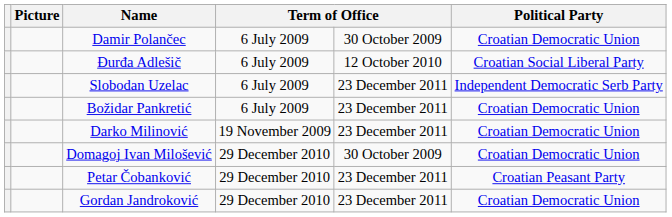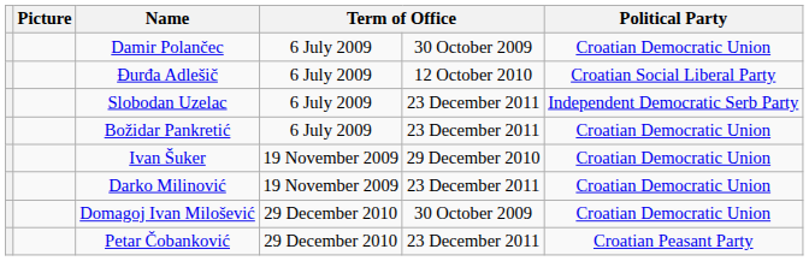 <table class="wikitable" style="text-align:center">
 <tr>
 <th></th>
 <th>Picture</th>
 <th>Name<br></th>
 <th colspan="2">Term of Office</th>
 <th>Political Party</th>
 </tr>
 <tr>
 <th style="background:"></th>
 <td></td>
 <td><a href='#'>Damir Polančec</a><br></td>
 <td>6 July 2009</td>
 <td>30 October 2009</td>
 <td><a href='#'>Croatian Democratic Union</a></td>
 </tr>
 <tr>
 <th style="background:"></th>
 <td></td>
 <td><a href='#'>Đurđa Adlešič</a><br></td>
 <td>6 July 2009</td>
 <td>12 October 2010</td>
 <td><a href='#'>Croatian Social Liberal Party</a></td>
 </tr>
 <tr>
 <th style="background:"></th>
 <td></td>
 <td><a href='#'>Slobodan Uzelac</a><br></td>
 <td>6 July 2009</td>
 <td>23 December 2011</td>
 <td><a href='#'>Independent Democratic Serb Party</a></td>
 </tr>
 <tr>
 <th style="background:"></th>
 <td></td>
 <td><a href='#'>Božidar Pankretić</a><br></td>
 <td>6 July 2009</td>
 <td>23 December 2011</td>
 <td><a href='#'>Croatian Democratic Union</a></td>
 </tr>
 <tr>
 <th style="background:"></th>
 <td></td>
+<td><a href='#'>Ivan Šuker</a><br></td>
+<td>19 November 2009</td>
+<td>29 December 2010</td>
+<td><a href='#'>Croatian Democratic Union</a></td>
+</tr>
+<tr>
+<th style="background:"></th>
+<td></td>
 <td><a href='#'>Darko Milinović</a><br></td>
 <td>19 November 2009</td>
 <td>23 December 2011</td>
 <td><a href='#'>Croatian Democratic Union</a></td>
 </tr>
 <tr>
 <th style="background:"></th>
 <td></td>
 <td><a href='#'>Domagoj Ivan Milošević</a><br></td>
 <td>29 December 2010</td>
 <td>30 October 2009</td>
 <td><a href='#'>Croatian Democratic Union</a></td>
 </tr>
 <tr>
 <th style="background:"></th>
 <td></td>
 <td><a href='#'>Petar Čobanković</a><br></td>
 <td>29 December 2010</td>
 <td>23 December 2011</td>
 <td><a href='#'>Croatian Peasant Party</a></td>
 </tr>
-<tr>
-<th style="background:"></th>
-<td></td>
-<td><a href='#'>Gordan Jandroković</a><br></td>
-<td>29 December 2010</td>
-<td>23 December 2011</td>
-<td><a href='#'>Croatian Democratic Union</a></td>
-</tr>
 </table>
